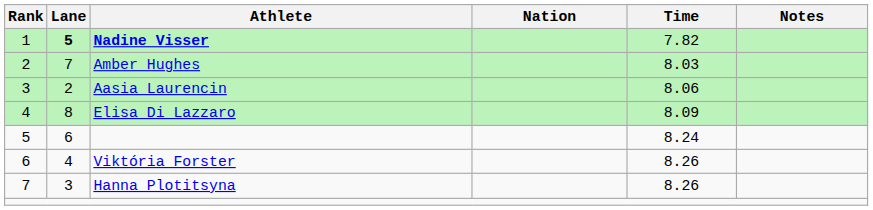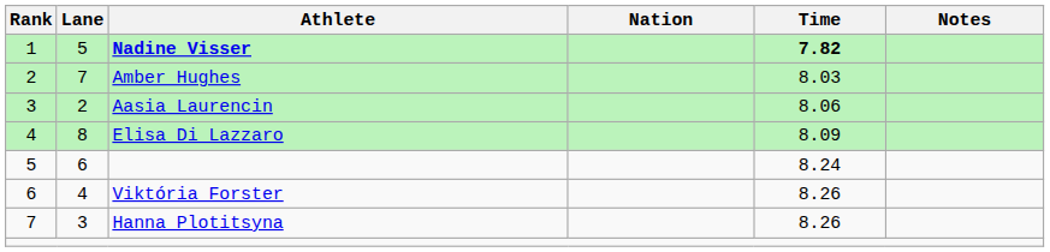 <table class="wikitable sortable" style="text-align:center;width: 60%;">
 <tr>
 <th scope="col" style="width: 10px;">Rank</th>
 <th scope="col" style="width: 10px;">Lane</th>
 <th scope="col">Athlete</th>
 <th scope="col">Nation</th>
 <th scope="col">Time</th>
 <th scope="col">Notes</th>
 </tr>
 <tr bgcolor=bbf3bb>
 <td>1</td>
-<td><strong>5</strong></td>
+<td>5</td>
 <td align=left><strong><a href='#'>Nadine Visser</a></strong></td>
 <td align=left></td>
-<td>7.82</td>
+<td><strong>7.82</strong></td>
 <td></td>
 </tr>
 <tr bgcolor=bbf3bb>
 <td>2</td>
 <td>7</td>
 <td align=left><a href='#'>Amber Hughes</a></td>
 <td align=left></td>
 <td>8.03</td>
 <td></td>
 </tr>
 <tr bgcolor=bbf3bb>
 <td>3</td>
 <td>2</td>
 <td align=left><a href='#'>Aasia Laurencin</a></td>
 <td align=left></td>
 <td>8.06</td>
 <td></td>
 </tr>
 <tr bgcolor=bbf3bb>
 <td>4</td>
 <td>8</td>
 <td align=left><a href='#'>Elisa Di Lazzaro</a></td>
 <td align=left></td>
 <td>8.09</td>
 <td></td>
 </tr>
 <tr>
 <td>5</td>
 <td>6</td>
 <td align=left></td>
 <td align=left></td>
 <td>8.24</td>
 <td></td>
 </tr>
 <tr>
 <td>6</td>
 <td>4</td>
 <td align=left><a href='#'>Viktória Forster</a></td>
 <td align=left></td>
 <td>8.26</td>
 <td></td>
 </tr>
 <tr>
 <td>7</td>
 <td>3</td>
 <td align=left><a href='#'>Hanna Plotitsyna</a></td>
 <td align=left></td>
 <td>8.26</td>
 <td></td>
 </tr>
 <tr class="sortbottom">
 <td colspan="6"></td>
 </tr>
 </table>
